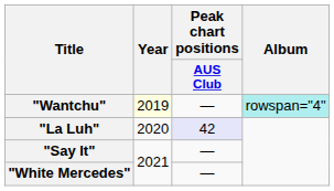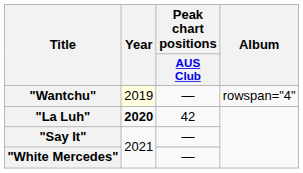 <table class="wikitable plainrowheaders" style="text-align:center;">
 <tr>
 <th scope="col" rowspan="2">Title</th>
 <th scope="col" rowspan="2">Year</th>
 <th scope="col" colspan="1">Peak chart positions</th>
 <th scope="col" rowspan="2">Album</th>
 </tr>
 <tr>
 <th scope="col" style="width:3em;font-size:90%;"><a href='#'>AUS<br>Club</a><br></th>
 </tr>
 <tr>
 <th scope="row">"Wantchu"</th>
 <td style="background: lightyellow;">2019</td>
 <td>—</td>
-<td style="background: paleturquoise;">rowspan="4" </td>
+<td>rowspan="4" </td>
 </tr>
 <tr>
 <th scope="row">"La Luh"</th>
-<td>2020</td>
-<td style="background: lavender;">42</td>
+<td><strong>2020</strong></td>
+<td>42</td>
 </tr>
 <tr>
 <th scope="row">"Say It"<br></th>
 <td rowspan="2">2021</td>
 <td>—</td>
 </tr>
 <tr>
 <th scope="row">"White Mercedes"</th>
 <td>—</td>
 </tr>
 </table>
